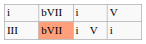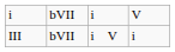 <table class="wikitable" style="text-align:left; width:200px;">
 <tr>
 <td width=25%>i</td>
 <td width=25%>bVII</td>
 <td width=25%>i</td>
 <td width=25%>V</td>
 </tr>
 <tr>
 <td>III</td>
-<td style="background: lightsalmon;">bVII</td>
+<td>bVII</td>
 <td>i V</td>
 <td>i</td>
 </tr>
 </table>
